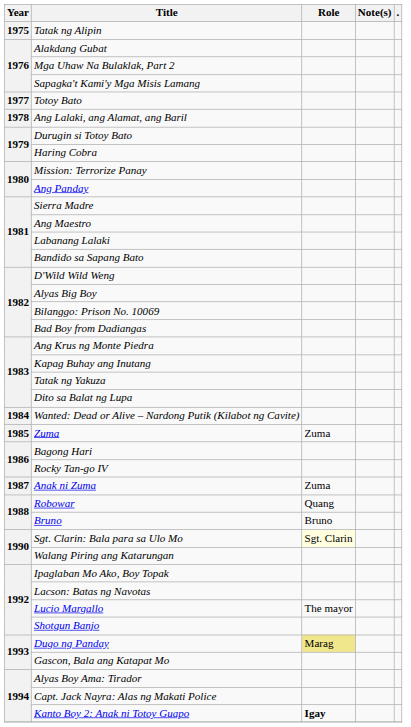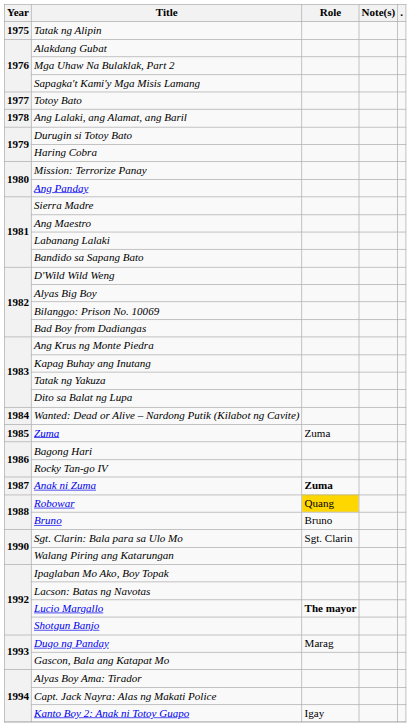 <table class="wikitable plainrowheaders sortable">
 <tr>
 <th scope="col">Year</th>
 <th scope="col">Title</th>
 <th scope="col" class="unsortable">Role</th>
 <th scope="col" class="unsortable">Note(s)</th>
 <th scope="col" class="unsortable">.</th>
 </tr>
 <tr>
 <th scope="row">1975</th>
 <td><em>Tatak ng Alipin</em> </td>
 <td></td>
 <td></td>
 <td style="text-align:center;"></td>
 </tr>
 <tr>
 <th rowspan="3" scope="row">1976</th>
 <td><em>Alakdang Gubat</em> </td>
 <td></td>
 <td></td>
 <td style="text-align:center;"></td>
 </tr>
 <tr>
 <td><em>Mga Uhaw Na Bulaklak, Part 2</em> </td>
 <td></td>
 <td></td>
 <td style="text-align:center;"></td>
 </tr>
 <tr>
 <td><em>Sapagka't Kami'y Mga Misis Lamang</em> </td>
 <td></td>
 <td></td>
 <td style="text-align:center;"></td>
 </tr>
 <tr>
 <th scope="row">1977</th>
 <td><em>Totoy Bato</em> </td>
 <td></td>
 <td></td>
 <td style="text-align:center;"></td>
 </tr>
 <tr>
 <th scope="row">1978</th>
 <td><em>Ang Lalaki, ang Alamat, ang Baril</em> </td>
 <td></td>
 <td></td>
 <td style="text-align:center;"></td>
 </tr>
 <tr>
 <th rowspan="2" scope="row">1979</th>
 <td><em>Durugin si Totoy Bato</em> </td>
 <td></td>
 <td></td>
 <td style="text-align:center;"></td>
 </tr>
 <tr>
 <td><em>Haring Cobra</em> </td>
 <td></td>
 <td></td>
 <td style="text-align:center;"></td>
 </tr>
 <tr>
 <th rowspan="2" scope="row">1980</th>
 <td><em>Mission: Terrorize Panay</em> </td>
 <td></td>
 <td></td>
 <td style="text-align:center;"></td>
 </tr>
 <tr>
 <td><em><a href='#'>Ang Panday</a></em> </td>
 <td></td>
 <td></td>
 <td style="text-align:center;"></td>
 </tr>
 <tr>
 <th rowspan="4" scope="row">1981</th>
 <td><em>Sierra Madre</em> </td>
 <td></td>
 <td></td>
 <td style="text-align:center;"></td>
 </tr>
 <tr>
 <td><em>Ang Maestro</em> </td>
 <td></td>
 <td></td>
 <td style="text-align:center;"></td>
 </tr>
 <tr>
 <td><em>Labanang Lalaki</em> </td>
 <td></td>
 <td></td>
 <td style="text-align:center;"></td>
 </tr>
 <tr>
 <td><em>Bandido sa Sapang Bato</em> </td>
 <td></td>
 <td></td>
 <td style="text-align:center;"></td>
 </tr>
 <tr>
 <th rowspan="4" scope="row">1982</th>
 <td><em>D'Wild Wild Weng</em> </td>
 <td></td>
 <td></td>
 <td style="text-align:center;"></td>
 </tr>
 <tr>
 <td><em>Alyas Big Boy</em> </td>
 <td></td>
 <td></td>
 <td style="text-align:center;"></td>
 </tr>
 <tr>
 <td><em>Bilanggo: Prison No. 10069</em> </td>
 <td></td>
 <td></td>
 <td style="text-align:center;"></td>
 </tr>
 <tr>
 <td><em>Bad Boy from Dadiangas</em> </td>
 <td></td>
 <td></td>
 <td style="text-align:center;"></td>
 </tr>
 <tr>
 <th rowspan="4" scope="row">1983</th>
 <td><em>Ang Krus ng Monte Piedra</em> </td>
 <td></td>
 <td></td>
 <td style="text-align:center;"></td>
 </tr>
 <tr>
 <td><em>Kapag Buhay ang Inutang</em> </td>
 <td></td>
 <td></td>
 <td style="text-align:center;"></td>
 </tr>
 <tr>
 <td><em>Tatak ng Yakuza</em> </td>
 <td></td>
 <td></td>
 <td style="text-align:center;"></td>
 </tr>
 <tr>
 <td><em>Dito sa Balat ng Lupa</em> </td>
 <td></td>
 <td></td>
 <td style="text-align:center;"></td>
 </tr>
 <tr>
 <th scope="row">1984</th>
 <td><em>Wanted: Dead or Alive – Nardong Putik (Kilabot ng Cavite)</em> </td>
 <td></td>
 <td></td>
 <td style="text-align:center;"></td>
 </tr>
 <tr>
 <th scope="row">1985</th>
 <td><em><a href='#'>Zuma</a></em> </td>
 <td>Zuma</td>
 <td></td>
 <td style="text-align:center;"></td>
 </tr>
 <tr>
 <th rowspan="2" scope="row">1986</th>
 <td><em>Bagong Hari</em> </td>
 <td></td>
 <td></td>
 <td style="text-align:center;"></td>
 </tr>
 <tr>
 <td><em>Rocky Tan-go IV</em> </td>
 <td></td>
 <td></td>
 <td style="text-align:center;"></td>
 </tr>
 <tr>
 <th scope="row">1987</th>
 <td><em><a href='#'>Anak ni Zuma</a></em></td>
-<td>Zuma</td>
+<td><strong>Zuma</strong></td>
 <td></td>
 <td style="text-align:center;"></td>
 </tr>
 <tr>
 <th rowspan="2" scope="row">1988</th>
 <td><em><a href='#'>Robowar</a></em> </td>
-<td>Quang</td>
+<td style="background: gold;">Quang</td>
 <td></td>
 <td style="text-align:center;"></td>
 </tr>
 <tr>
 <td><em><a href='#'>Bruno</a></em> </td>
 <td>Bruno</td>
 <td></td>
 <td style="text-align:center;"></td>
 </tr>
 <tr>
 <th rowspan="2" scope="row">1990</th>
 <td><em>Sgt. Clarin: Bala para sa Ulo Mo</em> </td>
-<td style="background: lightyellow;">Sgt. Clarin</td>
+<td>Sgt. Clarin</td>
 <td></td>
 <td style="text-align:center;"></td>
 </tr>
 <tr>
 <td><em>Walang Piring ang Katarungan</em> </td>
 <td></td>
 <td></td>
 <td style="text-align:center;"></td>
 </tr>
 <tr>
 <th rowspan="4" scope="row">1992</th>
 <td><em>Ipaglaban Mo Ako, Boy Topak</em> </td>
 <td></td>
 <td></td>
 <td style="text-align:center;"></td>
 </tr>
 <tr>
 <td><em>Lacson: Batas ng Navotas</em> </td>
 <td></td>
 <td></td>
 <td style="text-align:center;"></td>
 </tr>
 <tr>
 <td><em><a href='#'>Lucio Margallo</a></em> </td>
-<td>The mayor</td>
+<td><strong>The mayor</strong></td>
 <td></td>
 <td style="text-align:center;"></td>
 </tr>
 <tr>
 <td><em><a href='#'>Shotgun Banjo</a></em> </td>
 <td></td>
 <td></td>
 <td style="text-align:center;"></td>
 </tr>
 <tr>
 <th rowspan="2" scope="row">1993</th>
 <td><em><a href='#'>Dugo ng Panday</a></em> </td>
-<td style="background: khaki;">Marag</td>
+<td>Marag</td>
 <td></td>
 <td style="text-align:center;"></td>
 </tr>
 <tr>
 <td><em>Gascon, Bala ang Katapat Mo</em> </td>
 <td></td>
 <td></td>
 <td style="text-align:center;"></td>
 </tr>
 <tr>
 <th rowspan="3" scope="row">1994</th>
 <td><em>Alyas Boy Ama: Tirador</em> </td>
 <td></td>
 <td></td>
 <td style="text-align:center;"></td>
 </tr>
 <tr>
 <td><em>Capt. Jack Nayra: Alas ng Makati Police</em> </td>
 <td></td>
 <td></td>
 <td style="text-align:center;"></td>
 </tr>
 <tr>
 <td><em><a href='#'>Kanto Boy 2: Anak ni Totoy Guapo</a></em> </td>
-<td><strong>Igay</strong></td>
+<td>Igay</td>
 <td></td>
 <td style="text-align:center;"></td>
 </tr>
 <tr>
 </tr>
 </table>
